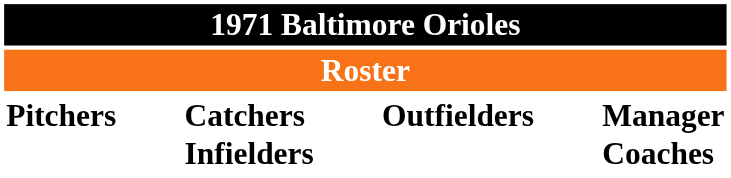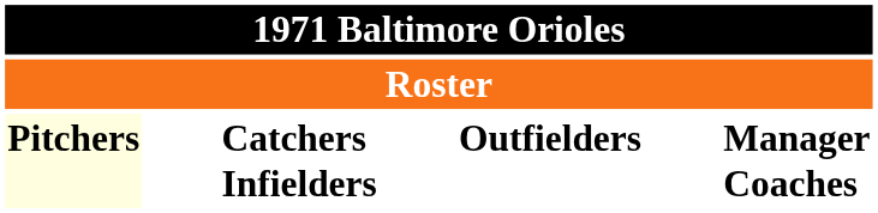 <table class="toccolours" style="font-size: 95%;">
 <tr>
 <th colspan="10" style="background-color: black; color: white; text-align: center;">1971 Baltimore Orioles</th>
 </tr>
 <tr>
 <td colspan="10" style="background-color: #F87217; color: white; text-align: center;"><strong>Roster</strong></td>
 </tr>
 <tr>
-<td valign="top"><strong>Pitchers</strong><br>            </td>
+<td valign="top" style="background: lightyellow;"><strong>Pitchers</strong><br>            </td>
 <td width="25px"></td>
 <td valign="top"><strong>Catchers</strong><br>   <strong>Infielders</strong>       </td>
 <td width="25px"></td>
 <td valign="top"><strong>Outfielders</strong><br>       </td>
 <td width="25px"></td>
 <td valign="top"><strong>Manager</strong><br> <strong>Coaches</strong>    </td>
 </tr>
 <tr>
 </tr>
 </table>
